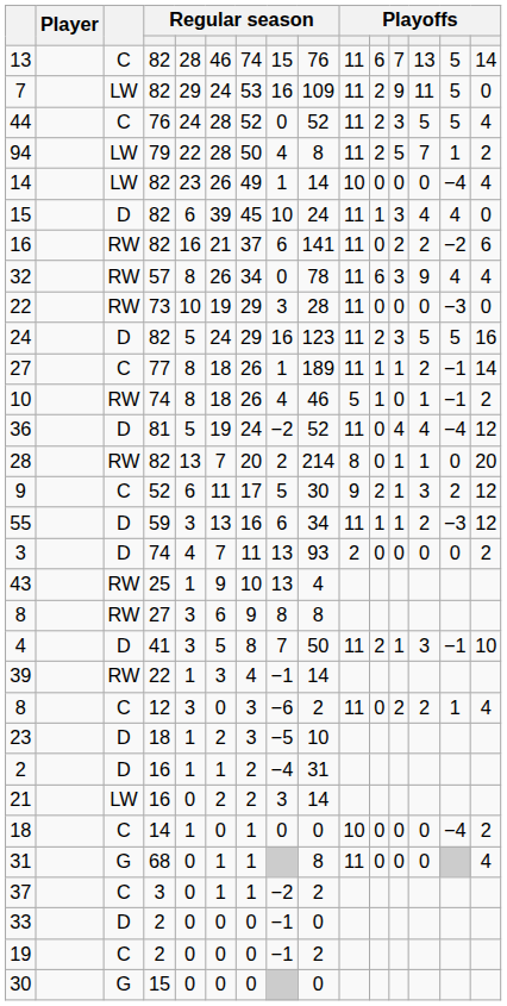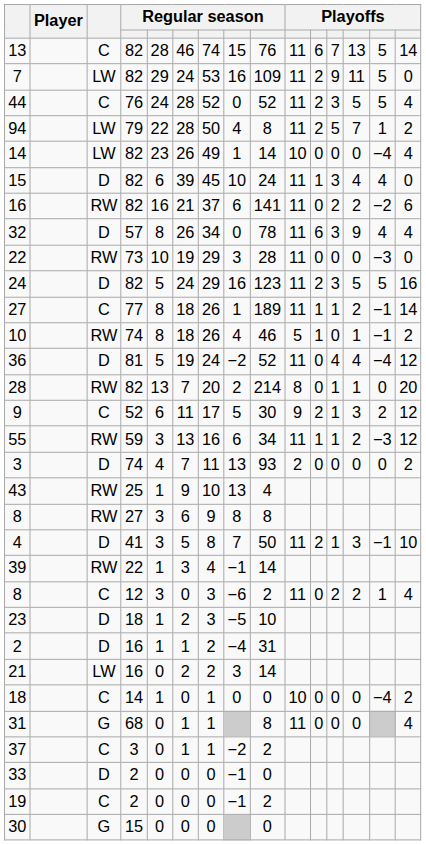 <table class="wikitable sortable plainrowheaders" style="text-align:center;">
 <tr>
 <th scope="col" data-sort-type="number" rowspan="2"></th>
 <th scope="col" rowspan="2">Player</th>
 <th scope="col" rowspan="2"></th>
 <th scope=colgroup colspan=6>Regular season</th>
 <th scope=colgroup colspan=6>Playoffs</th>
 </tr>
 <tr>
 <th scope="col" data-sort-type="number"></th>
 <th scope="col" data-sort-type="number"></th>
 <th scope="col" data-sort-type="number"></th>
 <th scope="col" data-sort-type="number"></th>
 <th scope="col" data-sort-type="number"></th>
 <th scope="col" data-sort-type="number"></th>
 <th scope="col" data-sort-type="number"></th>
 <th scope="col" data-sort-type="number"></th>
 <th scope="col" data-sort-type="number"></th>
 <th scope="col" data-sort-type="number"></th>
 <th scope="col" data-sort-type="number"></th>
 <th scope="col" data-sort-type="number"></th>
 </tr>
 <tr>
 <td scope="row">13</td>
 <td align="left"></td>
 <td>C</td>
 <td>82</td>
 <td>28</td>
 <td>46</td>
 <td>74</td>
 <td>15</td>
 <td>76</td>
 <td>11</td>
 <td>6</td>
 <td>7</td>
 <td>13</td>
 <td>5</td>
 <td>14</td>
 </tr>
 <tr>
 <td scope="row">7</td>
 <td align="left"></td>
 <td>LW</td>
 <td>82</td>
 <td>29</td>
 <td>24</td>
 <td>53</td>
 <td>16</td>
 <td>109</td>
 <td>11</td>
 <td>2</td>
 <td>9</td>
 <td>11</td>
 <td>5</td>
 <td>0</td>
 </tr>
 <tr>
 <td scope="row">44</td>
 <td align="left"></td>
 <td>C</td>
 <td>76</td>
 <td>24</td>
 <td>28</td>
 <td>52</td>
 <td>0</td>
 <td>52</td>
 <td>11</td>
 <td>2</td>
 <td>3</td>
 <td>5</td>
 <td>5</td>
 <td>4</td>
 </tr>
 <tr>
 <td scope="row">94</td>
 <td align="left"></td>
 <td>LW</td>
 <td>79</td>
 <td>22</td>
 <td>28</td>
 <td>50</td>
 <td>4</td>
 <td>8</td>
 <td>11</td>
 <td>2</td>
 <td>5</td>
 <td>7</td>
 <td>1</td>
 <td>2</td>
 </tr>
 <tr>
 <td scope="row">14</td>
 <td align="left"></td>
 <td>LW</td>
 <td>82</td>
 <td>23</td>
 <td>26</td>
 <td>49</td>
 <td>1</td>
 <td>14</td>
 <td>10</td>
 <td>0</td>
 <td>0</td>
 <td>0</td>
 <td>−4</td>
 <td>4</td>
 </tr>
 <tr>
 <td scope="row">15</td>
 <td align="left"></td>
 <td>D</td>
 <td>82</td>
 <td>6</td>
 <td>39</td>
 <td>45</td>
 <td>10</td>
 <td>24</td>
 <td>11</td>
 <td>1</td>
 <td>3</td>
 <td>4</td>
 <td>4</td>
 <td>0</td>
 </tr>
 <tr>
 <td scope="row">16</td>
 <td align="left"></td>
 <td>RW</td>
 <td>82</td>
 <td>16</td>
 <td>21</td>
 <td>37</td>
 <td>6</td>
 <td>141</td>
 <td>11</td>
 <td>0</td>
 <td>2</td>
 <td>2</td>
 <td>−2</td>
 <td>6</td>
 </tr>
 <tr>
 <td scope="row">32</td>
 <td align="left"></td>
-<td>RW</td>
+<td>D</td>
 <td>57</td>
 <td>8</td>
 <td>26</td>
 <td>34</td>
 <td>0</td>
 <td>78</td>
 <td>11</td>
 <td>6</td>
 <td>3</td>
 <td>9</td>
 <td>4</td>
 <td>4</td>
 </tr>
 <tr>
 <td scope="row">22</td>
 <td align="left"></td>
 <td>RW</td>
 <td>73</td>
 <td>10</td>
 <td>19</td>
 <td>29</td>
 <td>3</td>
 <td>28</td>
 <td>11</td>
 <td>0</td>
 <td>0</td>
 <td>0</td>
 <td>−3</td>
 <td>0</td>
 </tr>
 <tr>
 <td scope="row">24</td>
 <td align="left"></td>
 <td>D</td>
 <td>82</td>
 <td>5</td>
 <td>24</td>
 <td>29</td>
 <td>16</td>
 <td>123</td>
 <td>11</td>
 <td>2</td>
 <td>3</td>
 <td>5</td>
 <td>5</td>
 <td>16</td>
 </tr>
 <tr>
 <td scope="row">27</td>
 <td align="left"></td>
 <td>C</td>
 <td>77</td>
 <td>8</td>
 <td>18</td>
 <td>26</td>
 <td>1</td>
 <td>189</td>
 <td>11</td>
 <td>1</td>
 <td>1</td>
 <td>2</td>
 <td>−1</td>
 <td>14</td>
 </tr>
 <tr>
 <td scope="row">10</td>
 <td align="left"></td>
 <td>RW</td>
 <td>74</td>
 <td>8</td>
 <td>18</td>
 <td>26</td>
 <td>4</td>
 <td>46</td>
 <td>5</td>
 <td>1</td>
 <td>0</td>
 <td>1</td>
 <td>−1</td>
 <td>2</td>
 </tr>
 <tr>
 <td scope="row">36</td>
 <td align="left"></td>
 <td>D</td>
 <td>81</td>
 <td>5</td>
 <td>19</td>
 <td>24</td>
 <td>−2</td>
 <td>52</td>
 <td>11</td>
 <td>0</td>
 <td>4</td>
 <td>4</td>
 <td>−4</td>
 <td>12</td>
 </tr>
 <tr>
 <td scope="row">28</td>
 <td align="left"></td>
 <td>RW</td>
 <td>82</td>
 <td>13</td>
 <td>7</td>
 <td>20</td>
 <td>2</td>
 <td>214</td>
 <td>8</td>
 <td>0</td>
 <td>1</td>
 <td>1</td>
 <td>0</td>
 <td>20</td>
 </tr>
 <tr>
 <td scope="row">9</td>
 <td align="left"></td>
 <td>C</td>
 <td>52</td>
 <td>6</td>
 <td>11</td>
 <td>17</td>
 <td>5</td>
 <td>30</td>
 <td>9</td>
 <td>2</td>
 <td>1</td>
 <td>3</td>
 <td>2</td>
 <td>12</td>
 </tr>
 <tr>
 <td scope="row">55</td>
 <td align="left"></td>
-<td>D</td>
+<td>RW</td>
 <td>59</td>
 <td>3</td>
 <td>13</td>
 <td>16</td>
 <td>6</td>
 <td>34</td>
 <td>11</td>
 <td>1</td>
 <td>1</td>
 <td>2</td>
 <td>−3</td>
 <td>12</td>
 </tr>
 <tr>
 <td scope="row">3</td>
 <td align="left"></td>
 <td>D</td>
 <td>74</td>
 <td>4</td>
 <td>7</td>
 <td>11</td>
 <td>13</td>
 <td>93</td>
 <td>2</td>
 <td>0</td>
 <td>0</td>
 <td>0</td>
 <td>0</td>
 <td>2</td>
 </tr>
 <tr>
 <td scope="row">43</td>
 <td align="left"></td>
 <td>RW</td>
 <td>25</td>
 <td>1</td>
 <td>9</td>
 <td>10</td>
 <td>13</td>
 <td>4</td>
 <td></td>
 <td></td>
 <td></td>
 <td></td>
 <td></td>
 <td></td>
 </tr>
 <tr>
 <td scope="row">8</td>
 <td align="left"></td>
 <td>RW</td>
 <td>27</td>
 <td>3</td>
 <td>6</td>
 <td>9</td>
 <td>8</td>
 <td>8</td>
 <td></td>
 <td></td>
 <td></td>
 <td></td>
 <td></td>
 <td></td>
 </tr>
 <tr>
 <td scope="row">4</td>
 <td align="left"></td>
 <td>D</td>
 <td>41</td>
 <td>3</td>
 <td>5</td>
 <td>8</td>
 <td>7</td>
 <td>50</td>
 <td>11</td>
 <td>2</td>
 <td>1</td>
 <td>3</td>
 <td>−1</td>
 <td>10</td>
 </tr>
 <tr>
 <td scope="row">39</td>
 <td align="left"></td>
 <td>RW</td>
 <td>22</td>
 <td>1</td>
 <td>3</td>
 <td>4</td>
 <td>−1</td>
 <td>14</td>
 <td></td>
 <td></td>
 <td></td>
 <td></td>
 <td></td>
 <td></td>
 </tr>
 <tr>
 <td scope="row">8</td>
 <td align="left"></td>
 <td>C</td>
 <td>12</td>
 <td>3</td>
 <td>0</td>
 <td>3</td>
 <td>−6</td>
 <td>2</td>
 <td>11</td>
 <td>0</td>
 <td>2</td>
 <td>2</td>
 <td>1</td>
 <td>4</td>
 </tr>
 <tr>
 <td scope="row">23</td>
 <td align="left"></td>
 <td>D</td>
 <td>18</td>
 <td>1</td>
 <td>2</td>
 <td>3</td>
 <td>−5</td>
 <td>10</td>
 <td></td>
 <td></td>
 <td></td>
 <td></td>
 <td></td>
 <td></td>
 </tr>
 <tr>
 <td scope="row">2</td>
 <td align="left"></td>
 <td>D</td>
 <td>16</td>
 <td>1</td>
 <td>1</td>
 <td>2</td>
 <td>−4</td>
 <td>31</td>
 <td></td>
 <td></td>
 <td></td>
 <td></td>
 <td></td>
 <td></td>
 </tr>
 <tr>
 <td scope="row">21</td>
 <td align="left"></td>
 <td>LW</td>
 <td>16</td>
 <td>0</td>
 <td>2</td>
 <td>2</td>
 <td>3</td>
 <td>14</td>
 <td></td>
 <td></td>
 <td></td>
 <td></td>
 <td></td>
 <td></td>
 </tr>
 <tr>
 <td scope="row">18</td>
 <td align="left"></td>
 <td>C</td>
 <td>14</td>
 <td>1</td>
 <td>0</td>
 <td>1</td>
 <td>0</td>
 <td>0</td>
 <td>10</td>
 <td>0</td>
 <td>0</td>
 <td>0</td>
 <td>−4</td>
 <td>2</td>
 </tr>
 <tr>
 <td scope="row">31</td>
 <td align="left"></td>
 <td>G</td>
 <td>68</td>
 <td>0</td>
 <td>1</td>
 <td>1</td>
 <td style="background:#ccc"></td>
 <td>8</td>
 <td>11</td>
 <td>0</td>
 <td>0</td>
 <td>0</td>
 <td style="background:#ccc"></td>
 <td>4</td>
 </tr>
 <tr>
 <td scope="row">37</td>
 <td align="left"></td>
 <td>C</td>
 <td>3</td>
 <td>0</td>
 <td>1</td>
 <td>1</td>
 <td>−2</td>
 <td>2</td>
 <td></td>
 <td></td>
 <td></td>
 <td></td>
 <td></td>
 <td></td>
 </tr>
 <tr>
 <td scope="row">33</td>
 <td align="left"></td>
 <td>D</td>
 <td>2</td>
 <td>0</td>
 <td>0</td>
 <td>0</td>
 <td>−1</td>
 <td>0</td>
 <td></td>
 <td></td>
 <td></td>
 <td></td>
 <td></td>
 <td></td>
 </tr>
 <tr>
 <td scope="row">19</td>
 <td align="left"></td>
 <td>C</td>
 <td>2</td>
 <td>0</td>
 <td>0</td>
 <td>0</td>
 <td>−1</td>
 <td>2</td>
 <td></td>
 <td></td>
 <td></td>
 <td></td>
 <td></td>
 <td></td>
 </tr>
 <tr>
 <td scope="row">30</td>
 <td align="left"></td>
 <td>G</td>
 <td>15</td>
 <td>0</td>
 <td>0</td>
 <td>0</td>
 <td style="background:#ccc"></td>
 <td>0</td>
 <td></td>
 <td></td>
 <td></td>
 <td></td>
 <td></td>
 <td></td>
 </tr>
 </table>
